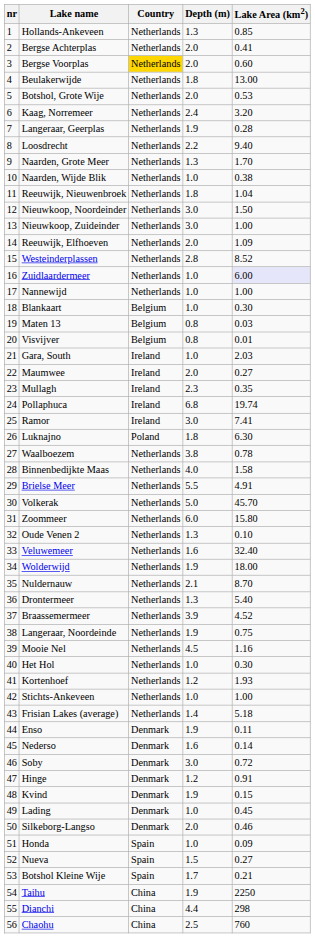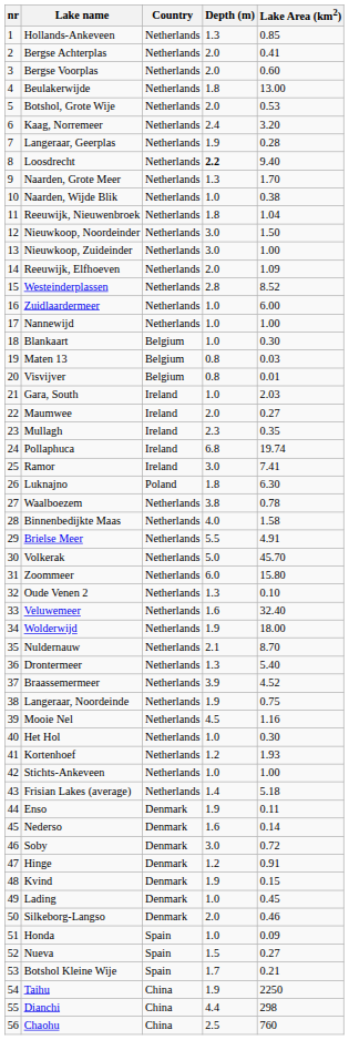 <table class="wikitable">
 <tr>
 <th>nr</th>
 <th>Lake name</th>
 <th>Country</th>
 <th>Depth (m)</th>
 <th>Lake Area (km<sup>2</sup>)</th>
 </tr>
 <tr>
 <td>1</td>
 <td>Hollands-Ankeveen</td>
 <td>Netherlands</td>
 <td>1.3</td>
 <td>0.85</td>
 </tr>
 <tr>
 <td>2</td>
 <td>Bergse Achterplas</td>
 <td>Netherlands</td>
 <td>2.0</td>
 <td>0.41</td>
 </tr>
 <tr>
 <td>3</td>
 <td>Bergse Voorplas</td>
-<td style="background: gold;">Netherlands</td>
+<td>Netherlands</td>
 <td>2.0</td>
 <td>0.60</td>
 </tr>
 <tr>
 <td>4</td>
 <td>Beulakerwijde</td>
 <td>Netherlands</td>
 <td>1.8</td>
 <td>13.00</td>
 </tr>
 <tr>
 <td>5</td>
 <td>Botshol, Grote Wije</td>
 <td>Netherlands</td>
 <td>2.0</td>
 <td>0.53</td>
 </tr>
 <tr>
 <td>6</td>
 <td>Kaag, Norremeer</td>
 <td>Netherlands</td>
 <td>2.4</td>
 <td>3.20</td>
 </tr>
 <tr>
 <td>7</td>
 <td>Langeraar, Geerplas</td>
 <td>Netherlands</td>
 <td>1.9</td>
 <td>0.28</td>
 </tr>
 <tr>
 <td>8</td>
 <td>Loosdrecht</td>
 <td>Netherlands</td>
-<td>2.2</td>
+<td><strong>2.2</strong></td>
 <td>9.40</td>
 </tr>
 <tr>
 <td>9</td>
 <td>Naarden, Grote Meer</td>
 <td>Netherlands</td>
 <td>1.3</td>
 <td>1.70</td>
 </tr>
 <tr>
 <td>10</td>
 <td>Naarden, Wijde Blik</td>
 <td>Netherlands</td>
 <td>1.0</td>
 <td>0.38</td>
 </tr>
 <tr>
 <td>11</td>
 <td>Reeuwijk, Nieuwenbroek</td>
 <td>Netherlands</td>
 <td>1.8</td>
 <td>1.04</td>
 </tr>
 <tr>
 <td>12</td>
 <td>Nieuwkoop, Noordeinder</td>
 <td>Netherlands</td>
 <td>3.0</td>
 <td>1.50</td>
 </tr>
 <tr>
 <td>13</td>
 <td>Nieuwkoop, Zuideinder</td>
 <td>Netherlands</td>
 <td>3.0</td>
 <td>1.00</td>
 </tr>
 <tr>
 <td>14</td>
 <td>Reeuwijk, Elfhoeven</td>
 <td>Netherlands</td>
 <td>2.0</td>
 <td>1.09</td>
 </tr>
 <tr>
 <td>15</td>
 <td><a href='#'>Westeinderplassen</a></td>
 <td>Netherlands</td>
 <td>2.8</td>
 <td>8.52</td>
 </tr>
 <tr>
 <td>16</td>
 <td><a href='#'>Zuidlaardermeer</a></td>
 <td>Netherlands</td>
 <td>1.0</td>
-<td style="background: lavender;">6.00</td>
+<td>6.00</td>
 </tr>
 <tr>
 <td>17</td>
 <td>Nannewijd</td>
 <td>Netherlands</td>
 <td>1.0</td>
 <td>1.00</td>
 </tr>
 <tr>
 <td>18</td>
 <td>Blankaart</td>
 <td>Belgium</td>
 <td>1.0</td>
 <td>0.30</td>
 </tr>
 <tr>
 <td>19</td>
 <td>Maten 13</td>
 <td>Belgium</td>
 <td>0.8</td>
 <td>0.03</td>
 </tr>
 <tr>
 <td>20</td>
 <td>Visvijver</td>
 <td>Belgium</td>
 <td>0.8</td>
 <td>0.01</td>
 </tr>
 <tr>
 <td>21</td>
 <td>Gara, South</td>
 <td>Ireland</td>
 <td>1.0</td>
 <td>2.03</td>
 </tr>
 <tr>
 <td>22</td>
 <td>Maumwee</td>
 <td>Ireland</td>
 <td>2.0</td>
 <td>0.27</td>
 </tr>
 <tr>
 <td>23</td>
 <td>Mullagh</td>
 <td>Ireland</td>
 <td>2.3</td>
 <td>0.35</td>
 </tr>
 <tr>
 <td>24</td>
 <td>Pollaphuca</td>
 <td>Ireland</td>
 <td>6.8</td>
 <td>19.74</td>
 </tr>
 <tr>
 <td>25</td>
 <td>Ramor</td>
 <td>Ireland</td>
 <td>3.0</td>
 <td>7.41</td>
 </tr>
 <tr>
 <td>26</td>
 <td>Luknajno</td>
 <td>Poland</td>
 <td>1.8</td>
 <td>6.30</td>
 </tr>
 <tr>
 <td>27</td>
 <td>Waalboezem</td>
 <td>Netherlands</td>
 <td>3.8</td>
 <td>0.78</td>
 </tr>
 <tr>
 <td>28</td>
 <td>Binnenbedijkte Maas</td>
 <td>Netherlands</td>
 <td>4.0</td>
 <td>1.58</td>
 </tr>
 <tr>
 <td>29</td>
 <td><a href='#'>Brielse Meer</a></td>
 <td>Netherlands</td>
 <td>5.5</td>
 <td>4.91</td>
 </tr>
 <tr>
 <td>30</td>
 <td>Volkerak</td>
 <td>Netherlands</td>
 <td>5.0</td>
 <td>45.70</td>
 </tr>
 <tr>
 <td>31</td>
 <td>Zoommeer</td>
 <td>Netherlands</td>
 <td>6.0</td>
 <td>15.80</td>
 </tr>
 <tr>
 <td>32</td>
 <td>Oude Venen 2</td>
 <td>Netherlands</td>
 <td>1.3</td>
 <td>0.10</td>
 </tr>
 <tr>
 <td>33</td>
 <td><a href='#'>Veluwemeer</a></td>
 <td>Netherlands</td>
 <td>1.6</td>
 <td>32.40</td>
 </tr>
 <tr>
 <td>34</td>
 <td><a href='#'>Wolderwijd</a></td>
 <td>Netherlands</td>
 <td>1.9</td>
 <td>18.00</td>
 </tr>
 <tr>
 <td>35</td>
 <td>Nuldernauw</td>
 <td>Netherlands</td>
 <td>2.1</td>
 <td>8.70</td>
 </tr>
 <tr>
 <td>36</td>
 <td>Drontermeer</td>
 <td>Netherlands</td>
 <td>1.3</td>
 <td>5.40</td>
 </tr>
 <tr>
 <td>37</td>
 <td>Braassemermeer</td>
 <td>Netherlands</td>
 <td>3.9</td>
 <td>4.52</td>
 </tr>
 <tr>
 <td>38</td>
 <td>Langeraar, Noordeinde</td>
 <td>Netherlands</td>
 <td>1.9</td>
 <td>0.75</td>
 </tr>
 <tr>
 <td>39</td>
 <td>Mooie Nel</td>
 <td>Netherlands</td>
 <td>4.5</td>
 <td>1.16</td>
 </tr>
 <tr>
 <td>40</td>
 <td>Het Hol</td>
 <td>Netherlands</td>
 <td>1.0</td>
 <td>0.30</td>
 </tr>
 <tr>
 <td>41</td>
 <td>Kortenhoef</td>
 <td>Netherlands</td>
 <td>1.2</td>
 <td>1.93</td>
 </tr>
 <tr>
 <td>42</td>
 <td>Stichts-Ankeveen</td>
 <td>Netherlands</td>
 <td>1.0</td>
 <td>1.00</td>
 </tr>
 <tr>
 <td>43</td>
 <td>Frisian Lakes (average)</td>
 <td>Netherlands</td>
 <td>1.4</td>
 <td>5.18</td>
 </tr>
 <tr>
 <td>44</td>
 <td>Enso</td>
 <td>Denmark</td>
 <td>1.9</td>
 <td>0.11</td>
 </tr>
 <tr>
 <td>45</td>
 <td>Nederso</td>
 <td>Denmark</td>
 <td>1.6</td>
 <td>0.14</td>
 </tr>
 <tr>
 <td>46</td>
 <td>Soby</td>
 <td>Denmark</td>
 <td>3.0</td>
 <td>0.72</td>
 </tr>
 <tr>
 <td>47</td>
 <td>Hinge</td>
 <td>Denmark</td>
 <td>1.2</td>
 <td>0.91</td>
 </tr>
 <tr>
 <td>48</td>
 <td>Kvind</td>
 <td>Denmark</td>
 <td>1.9</td>
 <td>0.15</td>
 </tr>
 <tr>
 <td>49</td>
 <td>Lading</td>
 <td>Denmark</td>
 <td>1.0</td>
 <td>0.45</td>
 </tr>
 <tr>
 <td>50</td>
 <td>Silkeborg-Langso</td>
 <td>Denmark</td>
 <td>2.0</td>
 <td>0.46</td>
 </tr>
 <tr>
 <td>51</td>
 <td>Honda</td>
 <td>Spain</td>
 <td>1.0</td>
 <td>0.09</td>
 </tr>
 <tr>
 <td>52</td>
 <td>Nueva</td>
 <td>Spain</td>
 <td>1.5</td>
 <td>0.27</td>
 </tr>
 <tr>
 <td>53</td>
 <td>Botshol Kleine Wije</td>
 <td>Spain</td>
 <td>1.7</td>
 <td>0.21</td>
 </tr>
 <tr>
 <td>54</td>
 <td><a href='#'>Taihu</a></td>
 <td>China</td>
 <td>1.9</td>
 <td>2250</td>
 </tr>
 <tr>
 <td>55</td>
 <td><a href='#'>Dianchi</a></td>
 <td>China</td>
 <td>4.4</td>
 <td>298</td>
 </tr>
 <tr>
 <td>56</td>
 <td><a href='#'>Chaohu</a></td>
 <td>China</td>
 <td>2.5</td>
 <td>760</td>
 </tr>
 </table>
